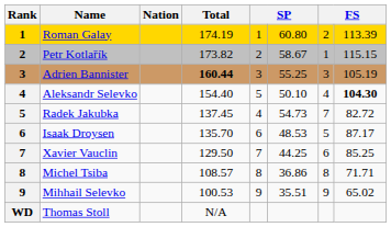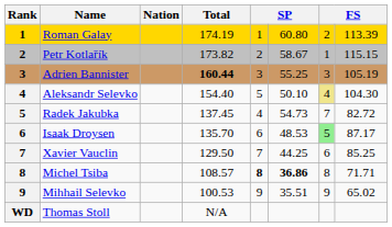 <table class="wikitable sortable">
 <tr>
 <th>Rank</th>
 <th>Name</th>
 <th>Nation</th>
 <th width="80px">Total</th>
 <th colspan="2" width="80px"><a href='#'>SP</a></th>
 <th colspan="2" width="80px"><a href='#'>FS</a></th>
 </tr>
 <tr bgcolor="gold">
 <td align="center"><strong>1</strong></td>
 <td><a href='#'>Roman Galay</a></td>
 <td></td>
 <td align="center">174.19</td>
 <td align="center">1</td>
 <td align="center">60.80</td>
 <td align="center">2</td>
 <td align="center">113.39</td>
 </tr>
 <tr bgcolor="silver">
 <td align="center"><strong>2</strong></td>
 <td><a href='#'>Petr Kotlařík</a></td>
 <td></td>
 <td align="center">173.82</td>
 <td align="center">2</td>
 <td align="center">58.67</td>
 <td align="center">1</td>
 <td align="center">115.15</td>
 </tr>
 <tr bgcolor="cc9966">
 <td align="center"><strong>3</strong></td>
 <td><a href='#'>Adrien Bannister</a></td>
 <td></td>
 <td align="center"><strong>160.44</strong></td>
 <td align="center">3</td>
 <td align="center">55.25</td>
 <td align="center">3</td>
 <td align="center">105.19</td>
 </tr>
 <tr>
 <th>4</th>
 <td><a href='#'>Aleksandr Selevko</a></td>
 <td></td>
 <td align="center">154.40</td>
 <td align="center">5</td>
 <td align="center">50.10</td>
-<td align="center">4</td>
-<td align="center"><strong>104.30</strong></td>
+<td align="center" style="background: khaki;">4</td>
+<td align="center">104.30</td>
 </tr>
 <tr>
 <th>5</th>
 <td><a href='#'>Radek Jakubka</a></td>
 <td></td>
 <td align="center">137.45</td>
 <td align="center">4</td>
 <td align="center">54.73</td>
 <td align="center">7</td>
 <td align="center">82.72</td>
 </tr>
 <tr>
 <th>6</th>
 <td><a href='#'>Isaak Droysen</a></td>
 <td></td>
 <td align="center">135.70</td>
 <td align="center">6</td>
 <td align="center">48.53</td>
-<td align="center">5</td>
+<td align="center" style="background: lightgreen;">5</td>
 <td align="center">87.17</td>
 </tr>
 <tr>
 <th>7</th>
 <td><a href='#'>Xavier Vauclin</a></td>
 <td></td>
 <td align="center">129.50</td>
 <td align="center">7</td>
 <td align="center">44.25</td>
 <td align="center">6</td>
 <td align="center">85.25</td>
 </tr>
 <tr>
 <th>8</th>
 <td><a href='#'>Michel Tsiba</a></td>
 <td></td>
 <td align="center">108.57</td>
-<td align="center">8</td>
-<td align="center">36.86</td>
+<td align="center"><strong>8</strong></td>
+<td align="center"><strong>36.86</strong></td>
 <td align="center">8</td>
 <td align="center">71.71</td>
 </tr>
 <tr>
 <th>9</th>
 <td><a href='#'>Mihhail Selevko</a></td>
 <td></td>
 <td align="center">100.53</td>
 <td align="center">9</td>
 <td align="center">35.51</td>
 <td align="center">9</td>
 <td align="center">65.02</td>
 </tr>
 <tr>
 <th>WD</th>
 <td><a href='#'>Thomas Stoll</a></td>
 <td></td>
 <td align="center">N/A</td>
 <td align="center"></td>
 <td align="center"></td>
 <td align="center"></td>
 <td align="center"></td>
 </tr>
 </table>
